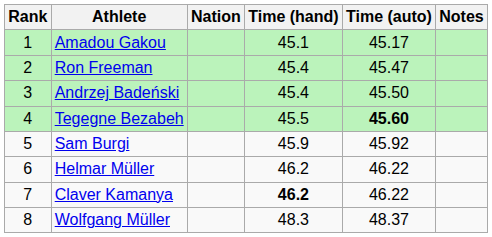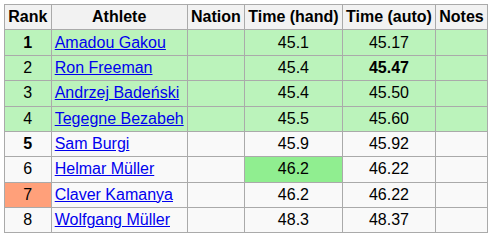 <table class="wikitable sortable" style="text-align:center">
 <tr>
 <th>Rank</th>
 <th>Athlete</th>
 <th>Nation</th>
 <th>Time (hand)</th>
 <th>Time (auto)</th>
 <th>Notes</th>
 </tr>
 <tr bgcolor=bbf3bb>
-<td>1</td>
+<td><strong>1</strong></td>
 <td align=left><a href='#'>Amadou Gakou</a></td>
 <td align=left></td>
 <td>45.1</td>
 <td>45.17</td>
 <td></td>
 </tr>
 <tr bgcolor=bbf3bb>
 <td>2</td>
 <td align=left><a href='#'>Ron Freeman</a></td>
 <td align=left></td>
 <td>45.4</td>
-<td>45.47</td>
+<td><strong>45.47</strong></td>
 <td></td>
 </tr>
 <tr bgcolor=bbf3bb>
 <td>3</td>
 <td align=left><a href='#'>Andrzej Badeński</a></td>
 <td align=left></td>
 <td>45.4</td>
 <td>45.50</td>
 <td></td>
 </tr>
 <tr bgcolor=bbf3bb>
 <td>4</td>
 <td align=left><a href='#'>Tegegne Bezabeh</a></td>
 <td align=left></td>
 <td>45.5</td>
-<td><strong>45.60</strong></td>
+<td>45.60</td>
 <td></td>
 </tr>
 <tr>
-<td>5</td>
+<td><strong>5</strong></td>
 <td align=left><a href='#'>Sam Burgi</a></td>
 <td align=left></td>
 <td>45.9</td>
 <td>45.92</td>
 <td></td>
 </tr>
 <tr>
 <td>6</td>
 <td align=left><a href='#'>Helmar Müller</a></td>
 <td align=left></td>
-<td>46.2</td>
+<td style="background: lightgreen;">46.2</td>
 <td>46.22</td>
 <td></td>
 </tr>
 <tr>
-<td>7</td>
+<td style="background: lightsalmon;">7</td>
 <td align=left><a href='#'>Claver Kamanya</a></td>
 <td align=left></td>
-<td><strong>46.2</strong></td>
+<td>46.2</td>
 <td>46.22</td>
 <td></td>
 </tr>
 <tr>
 <td>8</td>
 <td align=left><a href='#'>Wolfgang Müller</a></td>
 <td align=left></td>
 <td>48.3</td>
 <td>48.37</td>
 <td></td>
 </tr>
 <tr>
 </tr>
 </table>
